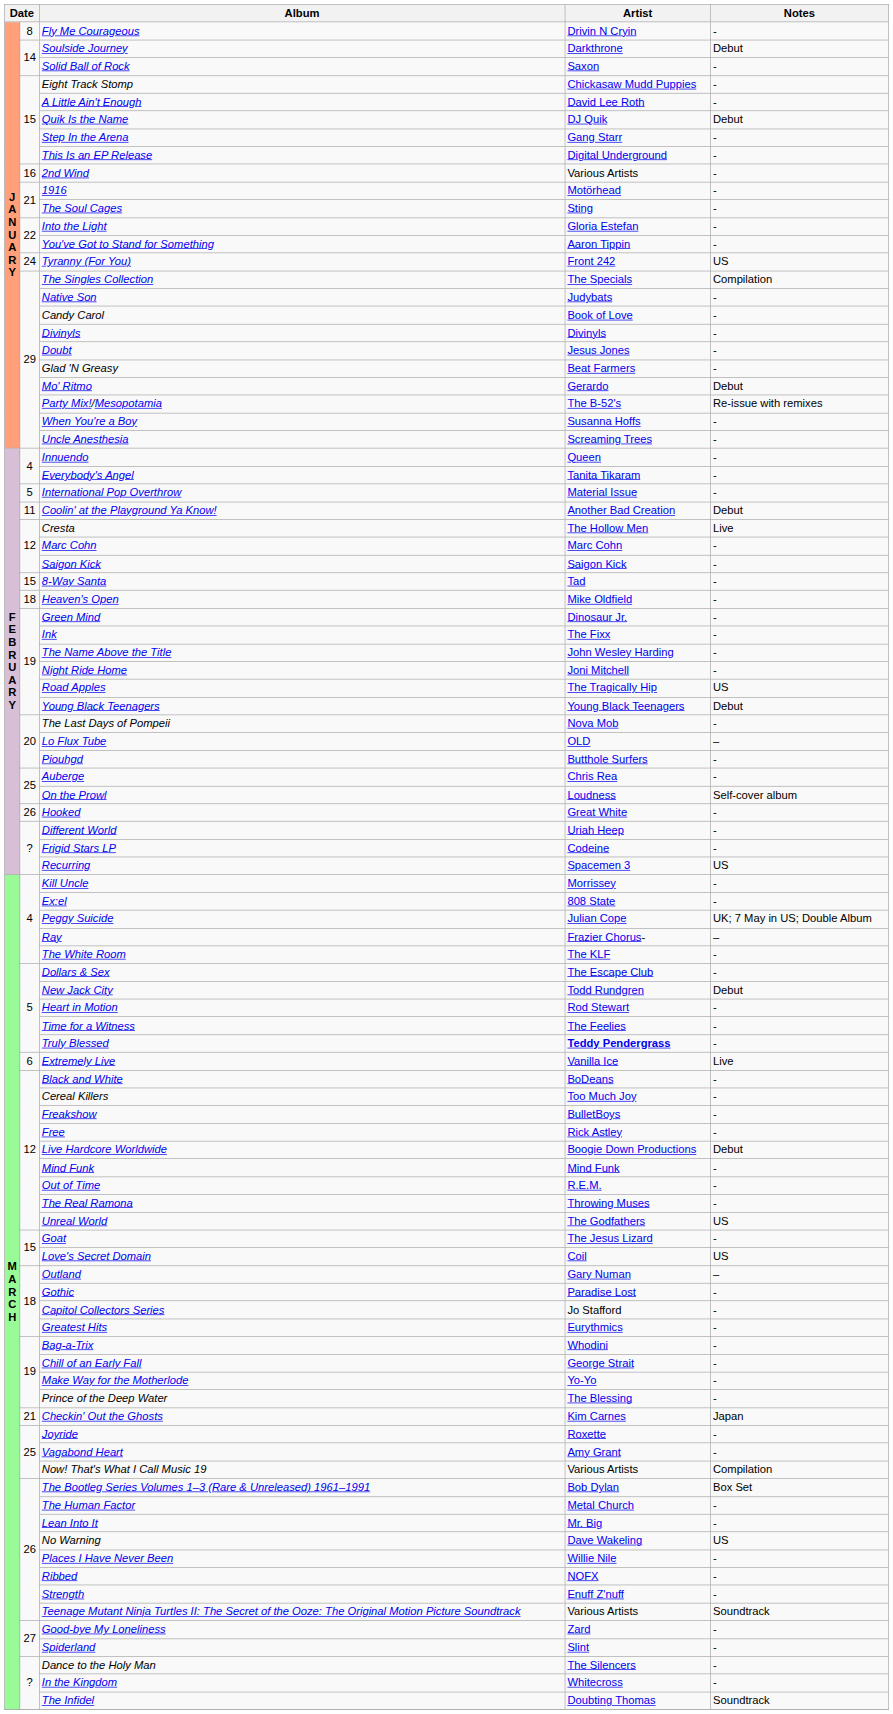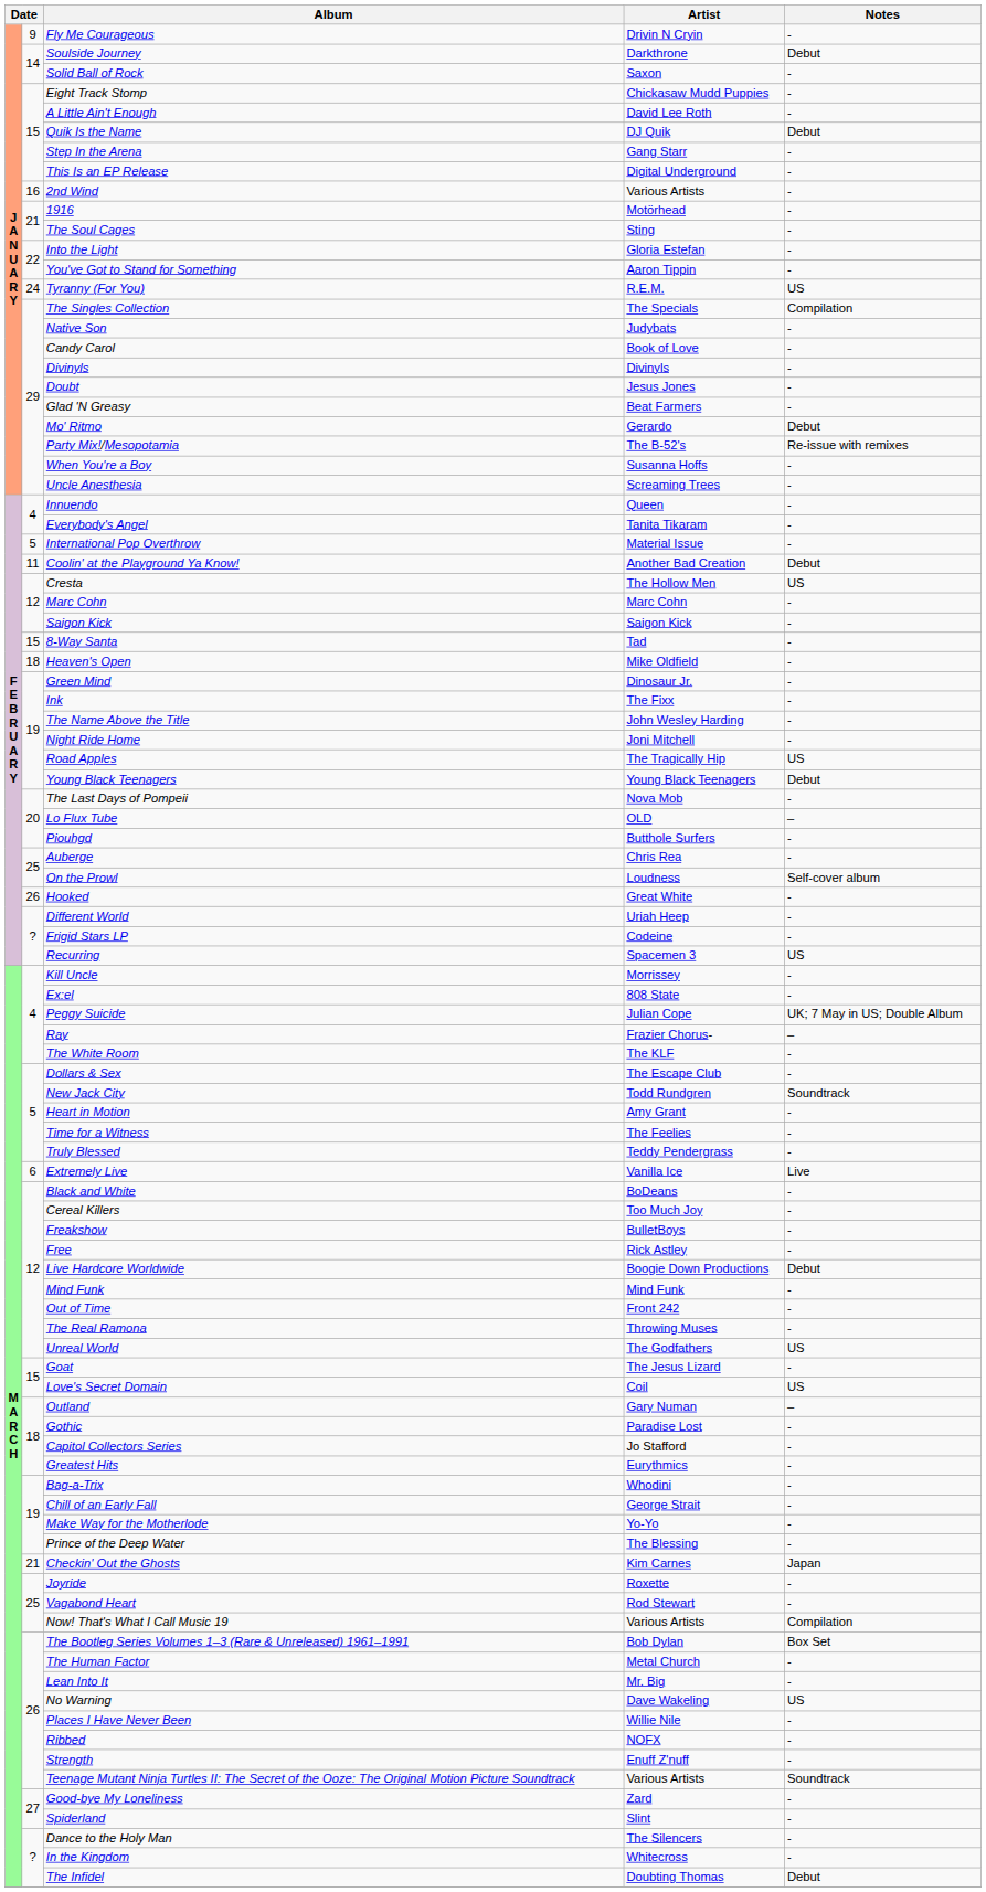 <table class="wikitable" width="100%">
 <tr>
 <th colspan="2">Date</th>
 <th>Album</th>
 <th>Artist</th>
 <th>Notes</th>
 </tr>
 <tr>
 <td rowspan="24" valign="center" align="center" style="background:#FFA07A; textcolor:#000;"><strong>J<br>A<br>N<br>U<br>A<br>R<br>Y</strong></td>
-<td align="center">8</td>
+<td align="center">9</td>
 <td><em><a href='#'>Fly Me Courageous</a></em></td>
 <td><a href='#'>Drivin N Cryin</a></td>
 <td>-</td>
 </tr>
 <tr>
 <td rowspan="2" align="center">14</td>
 <td><em><a href='#'>Soulside Journey</a></em></td>
 <td><a href='#'>Darkthrone</a></td>
 <td>Debut</td>
 </tr>
 <tr>
 <td><em><a href='#'>Solid Ball of Rock</a></em></td>
 <td><a href='#'>Saxon</a></td>
 <td>-</td>
 </tr>
 <tr>
 <td rowspan="5" align="center">15</td>
 <td><em>Eight Track Stomp</em></td>
 <td><a href='#'>Chickasaw Mudd Puppies</a></td>
 <td>-</td>
 </tr>
 <tr>
 <td><em><a href='#'>A Little Ain't Enough</a></em></td>
 <td><a href='#'>David Lee Roth</a></td>
 <td>-</td>
 </tr>
 <tr>
 <td><em><a href='#'>Quik Is the Name</a></em></td>
 <td><a href='#'>DJ Quik</a></td>
 <td>Debut</td>
 </tr>
 <tr>
 <td><em><a href='#'>Step In the Arena</a></em></td>
 <td><a href='#'>Gang Starr</a></td>
 <td>-</td>
 </tr>
 <tr>
 <td><em><a href='#'>This Is an EP Release</a></em></td>
 <td><a href='#'>Digital Underground</a></td>
 <td>-</td>
 </tr>
 <tr>
 <td rowspan="1" align="center">16</td>
 <td><em><a href='#'>2nd Wind</a></em></td>
 <td>Various Artists</td>
 <td>-</td>
 </tr>
 <tr>
 <td rowspan="2" align="center">21</td>
 <td><em><a href='#'>1916</a></em></td>
 <td><a href='#'>Motörhead</a></td>
 <td>-</td>
 </tr>
 <tr>
 <td><em><a href='#'>The Soul Cages</a></em></td>
 <td><a href='#'>Sting</a></td>
 <td>-</td>
 </tr>
 <tr>
 <td rowspan="2" align="center">22</td>
 <td><em><a href='#'>Into the Light</a></em></td>
 <td><a href='#'>Gloria Estefan</a></td>
 <td>-</td>
 </tr>
 <tr>
 <td><em><a href='#'>You've Got to Stand for Something</a></em></td>
 <td><a href='#'>Aaron Tippin</a></td>
 <td>-</td>
 </tr>
 <tr>
 <td align="center">24</td>
 <td><em><a href='#'>Tyranny (For You)</a></em></td>
-<td><a href='#'>Front 242</a></td>
+<td><a href='#'>R.E.M.</a></td>
 <td>US</td>
 </tr>
 <tr>
 <td rowspan="10" align="center">29</td>
 <td><em><a href='#'>The Singles Collection</a></em></td>
 <td><a href='#'>The Specials</a></td>
 <td>Compilation</td>
 </tr>
 <tr>
 <td><em><a href='#'>Native Son</a></em></td>
 <td><a href='#'>Judybats</a></td>
 <td>-</td>
 </tr>
 <tr>
 <td><em>Candy Carol</em></td>
 <td><a href='#'>Book of Love</a></td>
 <td>-</td>
 </tr>
 <tr>
 <td><em><a href='#'>Divinyls</a></em></td>
 <td><a href='#'>Divinyls</a></td>
 <td>-</td>
 </tr>
 <tr>
 <td><em><a href='#'>Doubt</a></em></td>
 <td><a href='#'>Jesus Jones</a></td>
 <td>-</td>
 </tr>
 <tr>
 <td><em>Glad 'N Greasy</em></td>
 <td><a href='#'>Beat Farmers</a></td>
 <td>-</td>
 </tr>
 <tr>
 <td><em><a href='#'>Mo' Ritmo</a></em></td>
 <td><a href='#'>Gerardo</a></td>
 <td>Debut</td>
 </tr>
 <tr>
 <td><em><a href='#'>Party Mix!</a>/<a href='#'>Mesopotamia</a></em></td>
 <td><a href='#'>The B-52's</a></td>
 <td>Re-issue with remixes</td>
 </tr>
 <tr>
 <td><em><a href='#'>When You're a Boy</a></em></td>
 <td><a href='#'>Susanna Hoffs</a></td>
 <td>-</td>
 </tr>
 <tr>
 <td><em><a href='#'>Uncle Anesthesia</a></em></td>
 <td><a href='#'>Screaming Trees</a></td>
 <td>-</td>
 </tr>
 <tr>
 <td rowspan="24" valign="center" align="center" style="background:#D8BFD8; textcolor:#000;"><strong>F<br>E<br>B<br>R<br>U<br>A<br>R<br>Y</strong></td>
 <td rowspan="2" align="center">4</td>
 <td><em><a href='#'>Innuendo</a></em></td>
 <td><a href='#'>Queen</a></td>
 <td>-</td>
 </tr>
 <tr>
 <td><em><a href='#'>Everybody's Angel</a></em></td>
 <td><a href='#'>Tanita Tikaram</a></td>
 <td>-</td>
 </tr>
 <tr>
 <td align="center">5</td>
 <td><em><a href='#'>International Pop Overthrow</a></em></td>
 <td><a href='#'>Material Issue</a></td>
 <td>-</td>
 </tr>
 <tr>
 <td align="center">11</td>
 <td><em><a href='#'>Coolin' at the Playground Ya Know!</a></em></td>
 <td><a href='#'>Another Bad Creation</a></td>
 <td>Debut</td>
 </tr>
 <tr>
 <td rowspan="3" align="center">12</td>
 <td><em>Cresta</em></td>
 <td><a href='#'>The Hollow Men</a></td>
-<td>Live</td>
+<td>US</td>
 </tr>
 <tr>
 <td><em><a href='#'>Marc Cohn</a></em></td>
 <td><a href='#'>Marc Cohn</a></td>
 <td>-</td>
 </tr>
 <tr>
 <td><em><a href='#'>Saigon Kick</a></em></td>
 <td><a href='#'>Saigon Kick</a></td>
 <td>-</td>
 </tr>
 <tr>
 <td align="center">15</td>
 <td><em><a href='#'>8-Way Santa</a></em></td>
 <td><a href='#'>Tad</a></td>
 <td>-</td>
 </tr>
 <tr>
 <td align="center">18</td>
 <td><em><a href='#'>Heaven's Open</a></em></td>
 <td><a href='#'>Mike Oldfield</a></td>
 <td>-</td>
 </tr>
 <tr>
 <td rowspan="6" align="center">19</td>
 <td><em><a href='#'>Green Mind</a></em></td>
 <td><a href='#'>Dinosaur Jr.</a></td>
 <td>-</td>
 </tr>
 <tr>
 <td><em><a href='#'>Ink</a></em></td>
 <td><a href='#'>The Fixx</a></td>
 <td>-</td>
 </tr>
 <tr>
 <td><em><a href='#'>The Name Above the Title</a></em></td>
 <td><a href='#'>John Wesley Harding</a></td>
 <td>-</td>
 </tr>
 <tr>
 <td><em><a href='#'>Night Ride Home</a></em></td>
 <td><a href='#'>Joni Mitchell</a></td>
 <td>-</td>
 </tr>
 <tr>
 <td><em><a href='#'>Road Apples</a></em></td>
 <td><a href='#'>The Tragically Hip</a></td>
 <td>US</td>
 </tr>
 <tr>
 <td><em><a href='#'>Young Black Teenagers</a></em></td>
 <td><a href='#'>Young Black Teenagers</a></td>
 <td>Debut</td>
 </tr>
 <tr>
 <td rowspan="3" align="center">20</td>
 <td><em>The Last Days of Pompeii</em></td>
 <td><a href='#'>Nova Mob</a></td>
 <td>-</td>
 </tr>
 <tr>
 <td><em><a href='#'>Lo Flux Tube</a></em></td>
 <td><a href='#'>OLD</a></td>
 <td>–</td>
 </tr>
 <tr>
 <td><em><a href='#'>Piouhgd</a></em></td>
 <td><a href='#'>Butthole Surfers</a></td>
 <td>-</td>
 </tr>
 <tr>
 <td rowspan="2" align="center">25</td>
 <td><em><a href='#'>Auberge</a></em></td>
 <td><a href='#'>Chris Rea</a></td>
 <td>-</td>
 </tr>
 <tr>
 <td><em><a href='#'>On the Prowl</a></em></td>
 <td><a href='#'>Loudness</a></td>
 <td>Self-cover album</td>
 </tr>
 <tr>
 <td align="center">26</td>
 <td><em><a href='#'>Hooked</a></em></td>
 <td><a href='#'>Great White</a></td>
 <td>-</td>
 </tr>
 <tr>
 <td rowspan="3" align="center">?</td>
 <td><em><a href='#'>Different World</a></em></td>
 <td><a href='#'>Uriah Heep</a></td>
 <td>-</td>
 </tr>
 <tr>
 <td><em><a href='#'>Frigid Stars LP</a></em></td>
 <td><a href='#'>Codeine</a></td>
 <td>-</td>
 </tr>
 <tr>
 <td><em><a href='#'>Recurring</a></em></td>
 <td><a href='#'>Spacemen 3</a></td>
 <td>US</td>
 </tr>
 <tr>
 <td rowspan="47" valign="center" align="center" style="background:#98FB98; textcolor:#000;"><strong>M<br>A<br>R<br>C<br>H</strong></td>
 <td rowspan="5" align="center">4</td>
 <td><em><a href='#'>Kill Uncle</a></em></td>
 <td><a href='#'>Morrissey</a></td>
 <td>-</td>
 </tr>
 <tr>
 <td><em><a href='#'>Ex:el</a></em></td>
 <td><a href='#'>808 State</a></td>
 <td>-</td>
 </tr>
 <tr>
 <td><em><a href='#'>Peggy Suicide</a></em></td>
 <td><a href='#'>Julian Cope</a></td>
 <td>UK; 7 May in US; Double Album</td>
 </tr>
 <tr>
 <td><em><a href='#'>Ray</a></em></td>
 <td><a href='#'>Frazier Chorus</a>-</td>
 <td>–</td>
 </tr>
 <tr>
 <td><em><a href='#'>The White Room</a></em></td>
 <td><a href='#'>The KLF</a></td>
 <td>-</td>
 </tr>
 <tr>
 <td rowspan="5" align="center">5</td>
 <td><em><a href='#'>Dollars & Sex</a></em></td>
 <td><a href='#'>The Escape Club</a></td>
 <td>-</td>
 </tr>
 <tr>
 <td><em><a href='#'>New Jack City</a></em></td>
 <td><a href='#'>Todd Rundgren</a></td>
-<td>Debut</td>
+<td>Soundtrack</td>
 </tr>
 <tr>
 <td><em><a href='#'>Heart in Motion</a></em></td>
-<td><a href='#'>Rod Stewart</a></td>
+<td><a href='#'>Amy Grant</a></td>
 <td>-</td>
 </tr>
 <tr>
 <td><em><a href='#'>Time for a Witness</a></em></td>
 <td><a href='#'>The Feelies</a></td>
 <td>-</td>
 </tr>
 <tr>
 <td><em><a href='#'>Truly Blessed</a></em></td>
-<td><strong><a href='#'>Teddy Pendergrass</a></strong></td>
+<td><a href='#'>Teddy Pendergrass</a></td>
 <td>-</td>
 </tr>
 <tr>
 <td align="center">6</td>
 <td><em><a href='#'>Extremely Live</a></em></td>
 <td><a href='#'>Vanilla Ice</a></td>
 <td>Live</td>
 </tr>
 <tr>
 <td rowspan="9" align="center">12</td>
 <td><em><a href='#'>Black and White</a></em></td>
 <td><a href='#'>BoDeans</a></td>
 <td>-</td>
 </tr>
 <tr>
 <td><em>Cereal Killers</em></td>
 <td><a href='#'>Too Much Joy</a></td>
 <td>-</td>
 </tr>
 <tr>
 <td><em><a href='#'>Freakshow</a></em></td>
 <td><a href='#'>BulletBoys</a></td>
 <td>-</td>
 </tr>
 <tr>
 <td><em><a href='#'>Free</a></em></td>
 <td><a href='#'>Rick Astley</a></td>
 <td>-</td>
 </tr>
 <tr>
 <td><em><a href='#'>Live Hardcore Worldwide</a></em></td>
 <td><a href='#'>Boogie Down Productions</a></td>
 <td>Debut</td>
 </tr>
 <tr>
 <td><em><a href='#'>Mind Funk</a></em></td>
 <td><a href='#'>Mind Funk</a></td>
 <td>-</td>
 </tr>
 <tr>
 <td><em><a href='#'>Out of Time</a></em></td>
-<td><a href='#'>R.E.M.</a></td>
+<td><a href='#'>Front 242</a></td>
 <td>-</td>
 </tr>
 <tr>
 <td><em><a href='#'>The Real Ramona</a></em></td>
 <td><a href='#'>Throwing Muses</a></td>
 <td>-</td>
 </tr>
 <tr>
 <td><em><a href='#'>Unreal World</a></em></td>
 <td><a href='#'>The Godfathers</a></td>
 <td>US</td>
 </tr>
 <tr>
 <td rowspan="2" align="center">15</td>
 <td><em><a href='#'>Goat</a></em></td>
 <td><a href='#'>The Jesus Lizard</a></td>
 <td>-</td>
 </tr>
 <tr>
 <td><em><a href='#'>Love's Secret Domain</a></em></td>
 <td><a href='#'>Coil</a></td>
 <td>US</td>
 </tr>
 <tr>
 <td rowspan="4" align="center">18</td>
 <td><em><a href='#'>Outland</a></em></td>
 <td><a href='#'>Gary Numan</a></td>
 <td>–</td>
 </tr>
 <tr>
 <td><em><a href='#'>Gothic</a></em></td>
 <td><a href='#'>Paradise Lost</a></td>
 <td>-</td>
 </tr>
 <tr>
 <td><em><a href='#'>Capitol Collectors Series</a></em></td>
 <td>Jo Stafford</td>
 <td>-</td>
 </tr>
 <tr>
 <td><em><a href='#'>Greatest Hits</a></em></td>
 <td><a href='#'>Eurythmics</a></td>
 <td>-</td>
 </tr>
 <tr>
 <td rowspan="4" align="center">19</td>
 <td><em><a href='#'>Bag-a-Trix</a></em></td>
 <td><a href='#'>Whodini</a></td>
 <td>-</td>
 </tr>
 <tr>
 <td><em><a href='#'>Chill of an Early Fall</a></em></td>
 <td><a href='#'>George Strait</a></td>
 <td>-</td>
 </tr>
 <tr>
 <td><em><a href='#'>Make Way for the Motherlode</a></em></td>
 <td><a href='#'>Yo-Yo</a></td>
 <td>-</td>
 </tr>
 <tr>
 <td><em>Prince of the Deep Water</em></td>
 <td><a href='#'>The Blessing</a></td>
 <td>-</td>
 </tr>
 <tr>
 <td align="center">21</td>
 <td><em><a href='#'>Checkin' Out the Ghosts</a></em></td>
 <td><a href='#'>Kim Carnes</a></td>
 <td>Japan</td>
 </tr>
 <tr>
 <td rowspan="3" align="center">25</td>
 <td><em><a href='#'>Joyride</a></em></td>
 <td><a href='#'>Roxette</a></td>
 <td>-</td>
 </tr>
 <tr>
 <td><em><a href='#'>Vagabond Heart</a></em></td>
-<td><a href='#'>Amy Grant</a></td>
+<td><a href='#'>Rod Stewart</a></td>
 <td>-</td>
 </tr>
 <tr>
 <td><em>Now! That's What I Call Music 19</em></td>
 <td>Various Artists</td>
 <td>Compilation</td>
 </tr>
 <tr>
 <td rowspan="8" align="center">26</td>
 <td><em><a href='#'>The Bootleg Series Volumes 1–3 (Rare & Unreleased) 1961–1991</a></em></td>
 <td><a href='#'>Bob Dylan</a></td>
 <td>Box Set</td>
 </tr>
 <tr>
 <td><em><a href='#'>The Human Factor</a></em></td>
 <td><a href='#'>Metal Church</a></td>
 <td>-</td>
 </tr>
 <tr>
 <td><em><a href='#'>Lean Into It</a></em></td>
 <td><a href='#'>Mr. Big</a></td>
 <td>-</td>
 </tr>
 <tr>
 <td><em>No Warning</em></td>
 <td><a href='#'>Dave Wakeling</a></td>
 <td>US</td>
 </tr>
 <tr>
 <td><em><a href='#'>Places I Have Never Been</a></em></td>
 <td><a href='#'>Willie Nile</a></td>
 <td>-</td>
 </tr>
 <tr>
 <td><em><a href='#'>Ribbed</a></em></td>
 <td><a href='#'>NOFX</a></td>
 <td>-</td>
 </tr>
 <tr>
 <td><em><a href='#'>Strength</a></em></td>
 <td><a href='#'>Enuff Z'nuff</a></td>
 <td>-</td>
 </tr>
 <tr>
 <td><em><a href='#'>Teenage Mutant Ninja Turtles II: The Secret of the Ooze: The Original Motion Picture Soundtrack</a></em></td>
 <td>Various Artists</td>
 <td>Soundtrack</td>
 </tr>
 <tr>
 <td rowspan="2" align="center">27</td>
 <td><em><a href='#'>Good-bye My Loneliness</a></em></td>
 <td><a href='#'>Zard</a></td>
 <td>-</td>
 </tr>
 <tr>
 <td><em><a href='#'>Spiderland</a></em></td>
 <td><a href='#'>Slint</a></td>
 <td>-</td>
 </tr>
 <tr>
 <td rowspan="3" align="center">?</td>
 <td><em>Dance to the Holy Man</em></td>
 <td><a href='#'>The Silencers</a></td>
 <td>-</td>
 </tr>
 <tr>
 <td><em><a href='#'>In the Kingdom</a></em></td>
 <td><a href='#'>Whitecross</a></td>
 <td>-</td>
 </tr>
 <tr>
 <td><em><a href='#'>The Infidel</a></em></td>
 <td><a href='#'>Doubting Thomas</a></td>
-<td>Soundtrack</td>
+<td>Debut</td>
 </tr>
 <tr>
 </tr>
 </table>
